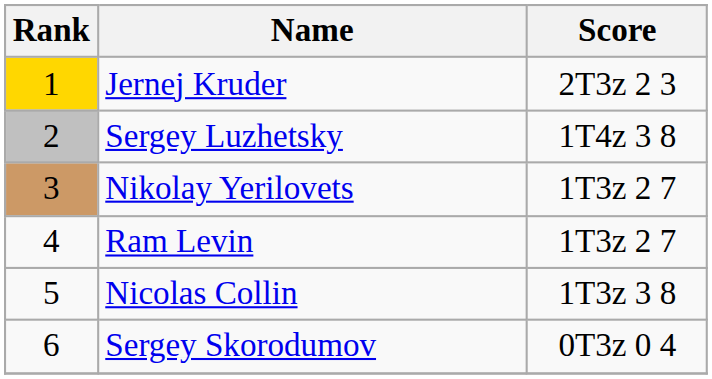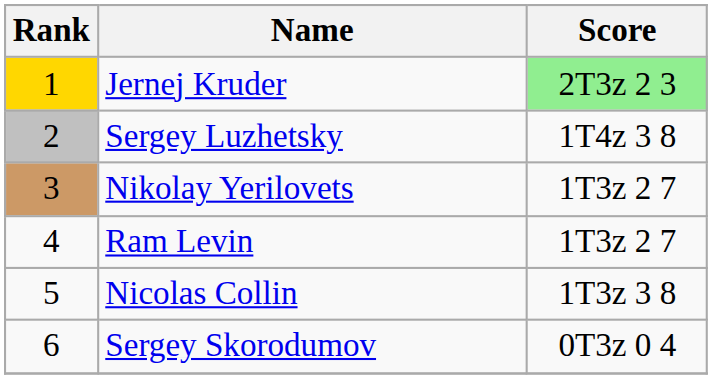 <table class="wikitable">
 <tr>
 <th>Rank</th>
 <th width = "200">Name</th>
 <th width = "80">Score</th>
 </tr>
 <tr>
 <td align="center" style="background: gold">1</td>
 <td> <a href='#'>Jernej Kruder</a></td>
-<td align="center">2T3z 2 3</td>
+<td align="center" style="background: lightgreen;">2T3z 2 3</td>
 </tr>
 <tr>
 <td align="center" style="background: silver">2</td>
 <td> <a href='#'>Sergey Luzhetsky</a></td>
 <td align="center">1T4z 3 8</td>
 </tr>
 <tr>
 <td align="center" style="background: #cc9966">3</td>
 <td> <a href='#'>Nikolay Yerilovets</a></td>
 <td align="center">1T3z 2 7</td>
 </tr>
 <tr>
 <td align="center">4</td>
 <td> <a href='#'>Ram Levin</a></td>
 <td align="center">1T3z 2 7</td>
 </tr>
 <tr>
 <td align="center">5</td>
 <td> <a href='#'>Nicolas Collin</a></td>
 <td align="center">1T3z 3 8</td>
 </tr>
 <tr>
 <td align="center">6</td>
 <td> <a href='#'>Sergey Skorodumov</a></td>
 <td align="center">0T3z 0 4</td>
 </tr>
 <tr>
 </tr>
 </table>
